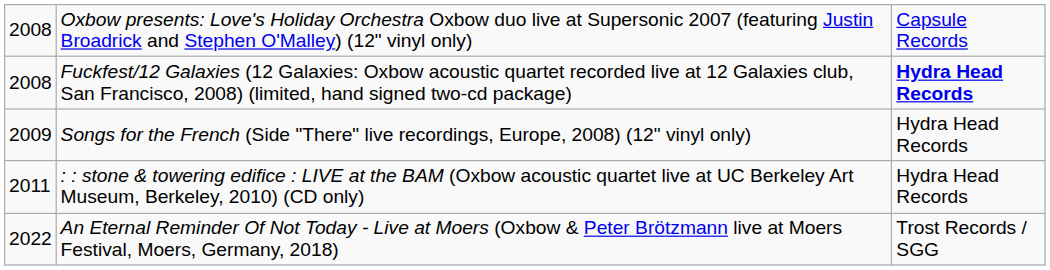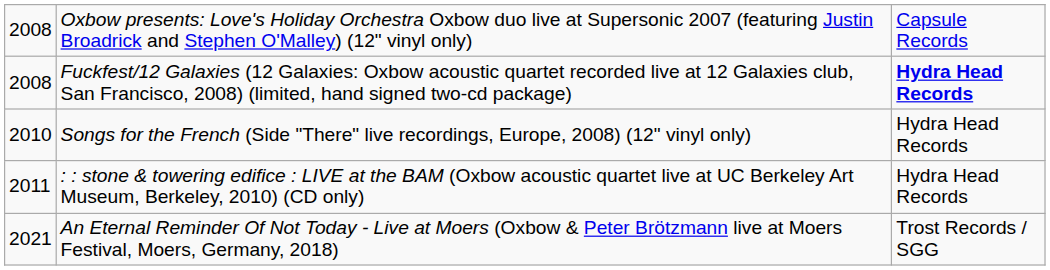 <table class="wikitable">
 <tr>
 <td>2008</td>
 <td><em>Oxbow presents: Love's Holiday Orchestra</em> Oxbow duo live at Supersonic 2007 (featuring <a href='#'>Justin Broadrick</a> and <a href='#'>Stephen O'Malley</a>)  (12" vinyl only)</td>
 <td><a href='#'>Capsule Records</a></td>
 </tr>
 <tr>
 <td>2008</td>
 <td><em>Fuckfest/12 Galaxies</em> (12 Galaxies: Oxbow acoustic quartet recorded live at 12 Galaxies club, San Francisco, 2008) (limited, hand signed two-cd package)</td>
 <td><strong><a href='#'>Hydra Head Records</a></strong></td>
 </tr>
 <tr>
-<td>2009</td>
+<td>2010</td>
 <td><em>Songs for the French</em> (Side "There" live recordings, Europe, 2008) (12" vinyl only)</td>
 <td>Hydra Head Records</td>
 </tr>
 <tr>
 <td>2011</td>
 <td><em>: : stone & towering edifice : LIVE at the BAM</em> (Oxbow acoustic quartet live at UC Berkeley Art Museum, Berkeley, 2010) (CD only)</td>
 <td>Hydra Head Records</td>
 </tr>
 <tr>
-<td>2022</td>
+<td>2021</td>
 <td><em>An Eternal Reminder Of Not Today - Live at Moers</em> (Oxbow & <a href='#'>Peter Brötzmann</a> live at Moers Festival, Moers, Germany, 2018)</td>
 <td>Trost Records / SGG</td>
 </tr>
 </table>
